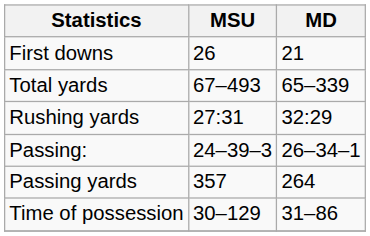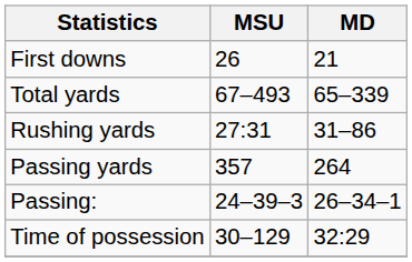 <table class="wikitable" style="float: left;">
 <tr>
 <th>Statistics</th>
 <th>MSU</th>
 <th>MD</th>
 </tr>
 <tr>
 <td>First downs</td>
 <td>26</td>
 <td>21</td>
 </tr>
 <tr>
 <td>Total yards</td>
 <td>67–493</td>
 <td>65–339</td>
 </tr>
 <tr>
 <td>Rushing yards</td>
 <td>27:31</td>
-<td>32:29</td>
+<td>31–86</td>
+</tr>
+<tr>
+<td>Passing yards</td>
+<td>357</td>
+<td>264</td>
 </tr>
 <tr>
 <td>Passing:</td>
 <td>24–39–3</td>
 <td>26–34–1</td>
 </tr>
 <tr>
-<td>Passing yards</td>
-<td>357</td>
-<td>264</td>
-</tr>
-<tr>
 <td>Time of possession</td>
 <td>30–129</td>
-<td>31–86</td>
+<td>32:29</td>
 </tr>
 <tr>
 </tr>
 </table>
